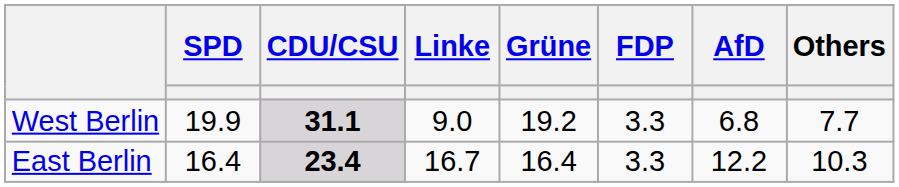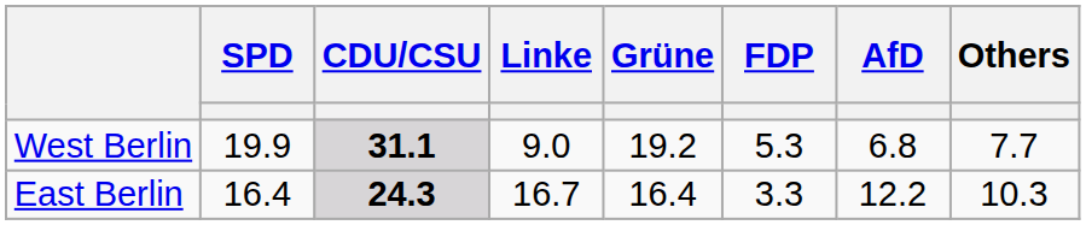 <table class="wikitable sortable" style="text-align: center; font-size: 90%; line-height: 14px;">
 <tr style="height: 40px;">
 <th rowspan="2"></th>
 <th style="width: 40px;"><a href='#'>SPD</a></th>
 <th style="width: 40px;"><a href='#'>CDU/CSU</a></th>
 <th style="width: 40px;"><a href='#'>Linke</a></th>
 <th style="width: 40px;"><a href='#'>Grüne</a></th>
 <th style="width: 40px;"><a href='#'>FDP</a></th>
 <th style="width: 40px;"><a href='#'>AfD</a></th>
 <th style="width: 40px;">Others</th>
 </tr>
 <tr>
 <th style="background:"></th>
 <th style="background:"></th>
 <th style="background:"></th>
 <th style="background:"></th>
 <th style="background:"></th>
 <th style="background:"></th>
 <th style="background:"></th>
 </tr>
 <tr>
 <td style="text-align: left;"><a href='#'>West Berlin</a></td>
 <td>19.9</td>
 <td style="background: #D7D5D7;"><strong>31.1</strong></td>
 <td>9.0</td>
 <td>19.2</td>
-<td>3.3</td>
+<td>5.3</td>
 <td>6.8</td>
 <td>7.7</td>
 </tr>
 <tr>
 <td style="text-align: left;"><a href='#'>East Berlin</a></td>
 <td>16.4</td>
-<td style="background: #D7D5D7;"><strong>23.4</strong></td>
+<td style="background: #D7D5D7;"><strong>24.3</strong></td>
 <td>16.7</td>
 <td>16.4</td>
 <td>3.3</td>
 <td>12.2</td>
 <td>10.3</td>
 </tr>
 </table>
